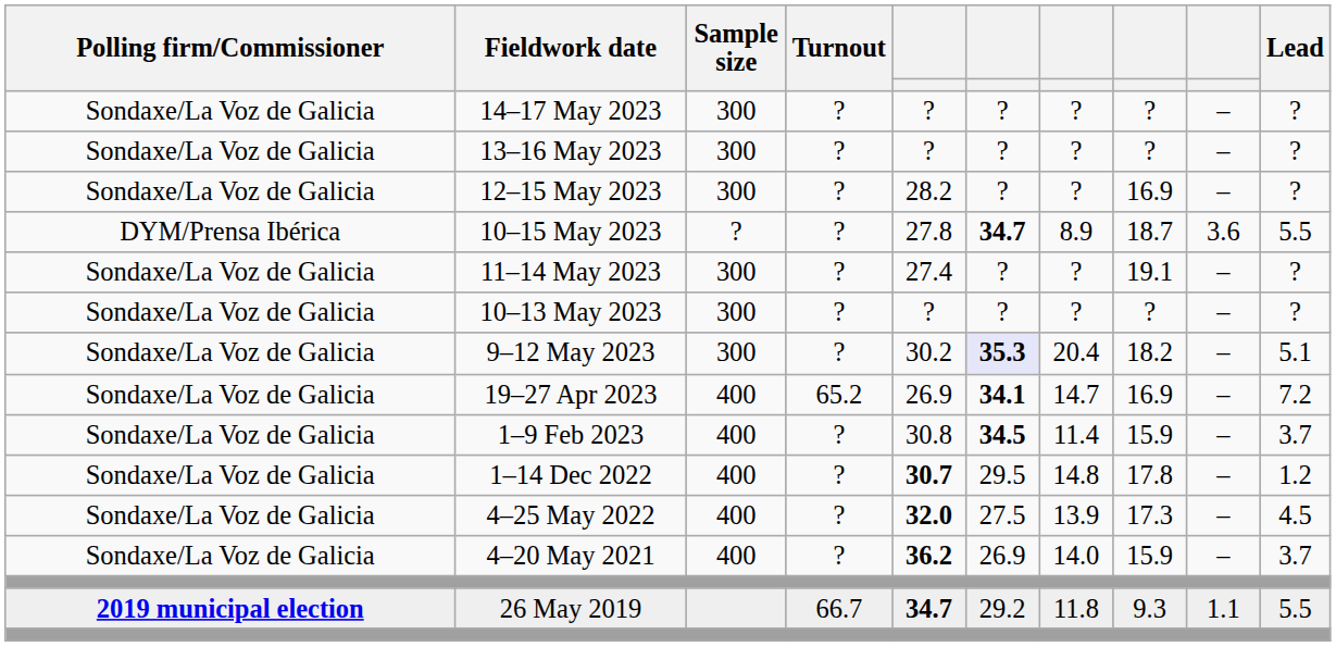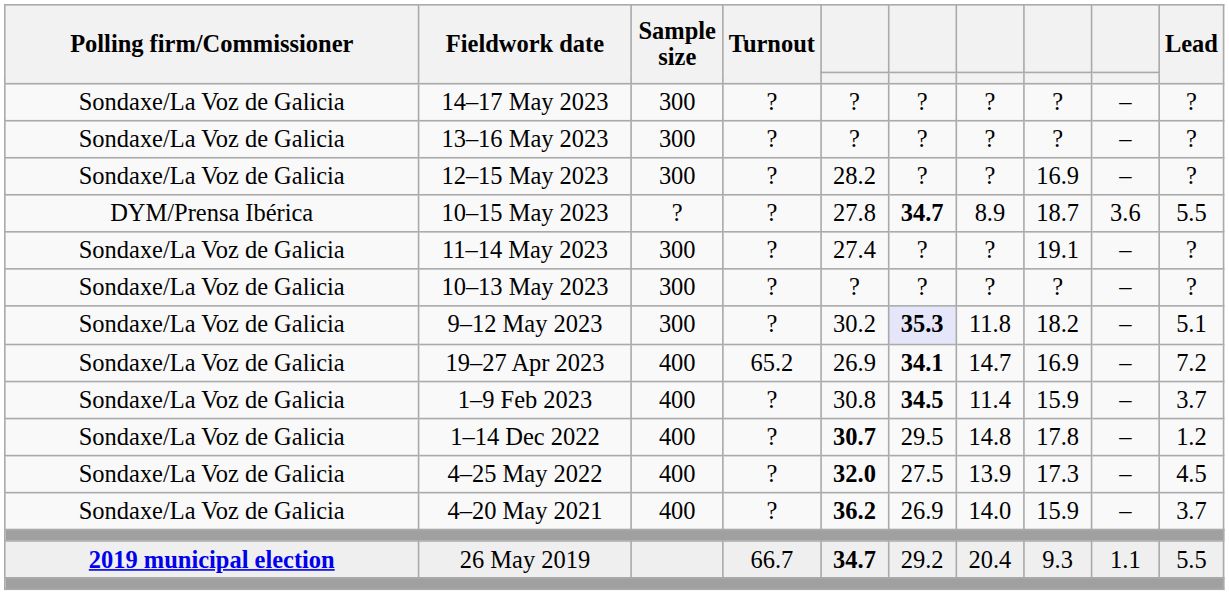 <table class="wikitable collapsible collapsed" style="text-align:center; font-size:95%; line-height:16px;">
 <tr style="height:42px;">
 <th style="width:250px;" rowspan="2">Polling firm/Commissioner</th>
 <th style="width:125px;" rowspan="2">Fieldwork date</th>
 <th style="width:50px;" rowspan="2">Sample size</th>
 <th style="width:45px;" rowspan="2">Turnout</th>
 <th style="width:35px;"></th>
 <th style="width:35px;"></th>
 <th style="width:35px;"></th>
 <th style="width:35px;"></th>
 <th style="width:35px;"></th>
 <th style="width:30px;" rowspan="2">Lead</th>
 </tr>
 <tr>
 <th style="color:inherit;background:"></th>
 <th style="color:inherit;background:"></th>
 <th style="color:inherit;background:"></th>
 <th style="color:inherit;background:"></th>
 <th style="color:inherit;background:"></th>
 </tr>
 <tr>
 <td>Sondaxe/La Voz de Galicia</td>
 <td>14–17 May 2023</td>
 <td>300</td>
 <td>?</td>
 <td>?<br></td>
 <td>?<br></td>
 <td>?<br></td>
 <td>?<br></td>
 <td>–</td>
 <td style="background:">?</td>
 </tr>
 <tr>
 <td>Sondaxe/La Voz de Galicia</td>
 <td>13–16 May 2023</td>
 <td>300</td>
 <td>?</td>
 <td>?<br></td>
 <td>?<br></td>
 <td>?<br></td>
 <td>?<br></td>
 <td>–</td>
 <td style="background:">?</td>
 </tr>
 <tr>
 <td>Sondaxe/La Voz de Galicia</td>
 <td>12–15 May 2023</td>
 <td>300</td>
 <td>?</td>
 <td>28.2<br></td>
 <td>?<br></td>
 <td>?<br></td>
 <td>16.9<br></td>
 <td>–</td>
 <td style="background:">?</td>
 </tr>
 <tr>
 <td>DYM/Prensa Ibérica</td>
 <td>10–15 May 2023</td>
 <td>?</td>
 <td>?</td>
 <td>27.8<br></td>
 <td><strong>34.7</strong><br></td>
 <td>8.9<br></td>
 <td>18.7<br></td>
 <td>3.6<br></td>
 <td style="background:">5.5</td>
 </tr>
 <tr>
 <td>Sondaxe/La Voz de Galicia</td>
 <td>11–14 May 2023</td>
 <td>300</td>
 <td>?</td>
 <td>27.4<br></td>
 <td>?<br></td>
 <td>?<br></td>
 <td>19.1<br></td>
 <td>–</td>
 <td style="background:">?</td>
 </tr>
 <tr>
 <td>Sondaxe/La Voz de Galicia</td>
 <td>10–13 May 2023</td>
 <td>300</td>
 <td>?</td>
 <td>?<br></td>
 <td>?<br></td>
 <td>?<br></td>
 <td>?<br></td>
 <td>–</td>
 <td style="background:">?</td>
 </tr>
 <tr>
 <td>Sondaxe/La Voz de Galicia</td>
 <td>9–12 May 2023</td>
 <td>300</td>
 <td>?</td>
 <td>30.2<br></td>
 <td style="background: lavender;"><strong>35.3</strong><br></td>
-<td>20.4<br></td>
+<td>11.8<br></td>
 <td>18.2<br></td>
 <td>–</td>
 <td style="background:">5.1</td>
 </tr>
 <tr>
 <td>Sondaxe/La Voz de Galicia</td>
 <td>19–27 Apr 2023</td>
 <td>400</td>
 <td>65.2</td>
 <td>26.9<br></td>
 <td><strong>34.1</strong><br></td>
 <td>14.7<br></td>
 <td>16.9<br></td>
 <td>–</td>
 <td style="background:">7.2</td>
 </tr>
 <tr>
 <td>Sondaxe/La Voz de Galicia</td>
 <td>1–9 Feb 2023</td>
 <td>400</td>
 <td>?</td>
 <td>30.8<br></td>
 <td><strong>34.5</strong><br></td>
 <td>11.4<br></td>
 <td>15.9<br></td>
 <td>–</td>
 <td style="background:">3.7</td>
 </tr>
 <tr>
 <td>Sondaxe/La Voz de Galicia</td>
 <td>1–14 Dec 2022</td>
 <td>400</td>
 <td>?</td>
 <td><strong>30.7</strong><br></td>
 <td>29.5<br></td>
 <td>14.8<br></td>
 <td>17.8<br></td>
 <td>–</td>
 <td style="background:">1.2</td>
 </tr>
 <tr>
 <td>Sondaxe/La Voz de Galicia</td>
 <td>4–25 May 2022</td>
 <td>400</td>
 <td>?</td>
 <td><strong>32.0</strong><br></td>
 <td>27.5<br></td>
 <td>13.9<br></td>
 <td>17.3<br></td>
 <td>–</td>
 <td style="background:">4.5</td>
 </tr>
 <tr>
 <td>Sondaxe/La Voz de Galicia</td>
 <td>4–20 May 2021</td>
 <td>400</td>
 <td>?</td>
 <td><strong>36.2</strong><br></td>
 <td>26.9<br></td>
 <td>14.0<br></td>
 <td>15.9<br></td>
 <td>–</td>
 <td style="background:">3.7</td>
 </tr>
 <tr>
 <td colspan="10" style="background:#A0A0A0"></td>
 </tr>
 <tr style="background:#EFEFEF;">
 <td><strong><a href='#'>2019 municipal election</a></strong></td>
 <td>26 May 2019</td>
 <td></td>
 <td>66.7</td>
 <td><strong>34.7</strong><br></td>
 <td>29.2<br></td>
-<td>11.8<br></td>
+<td>20.4<br></td>
 <td>9.3<br></td>
 <td>1.1<br></td>
 <td style="background:">5.5</td>
 </tr>
 <tr>
 <td colspan="10" style="background:#A0A0A0"></td>
 </tr>
 </table>
